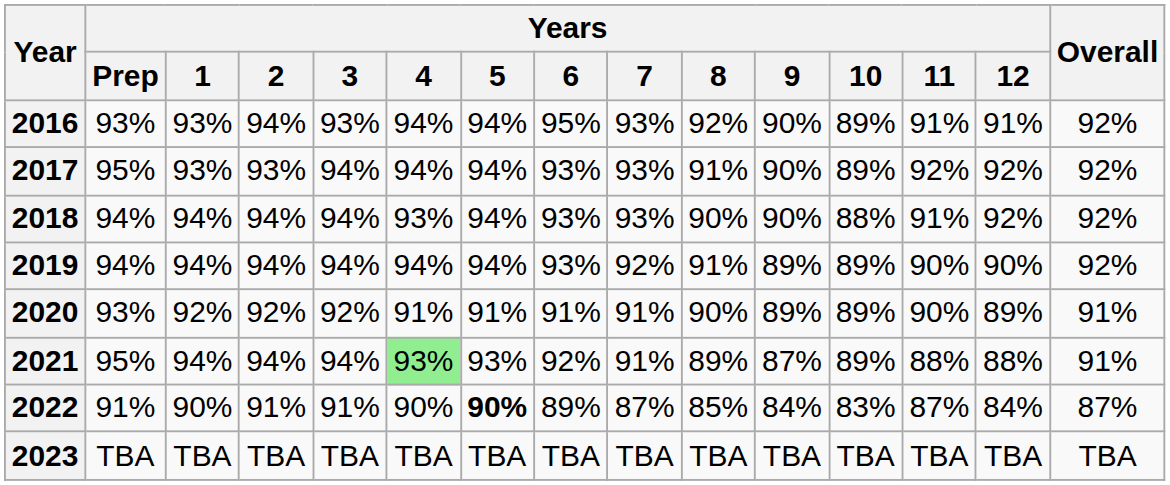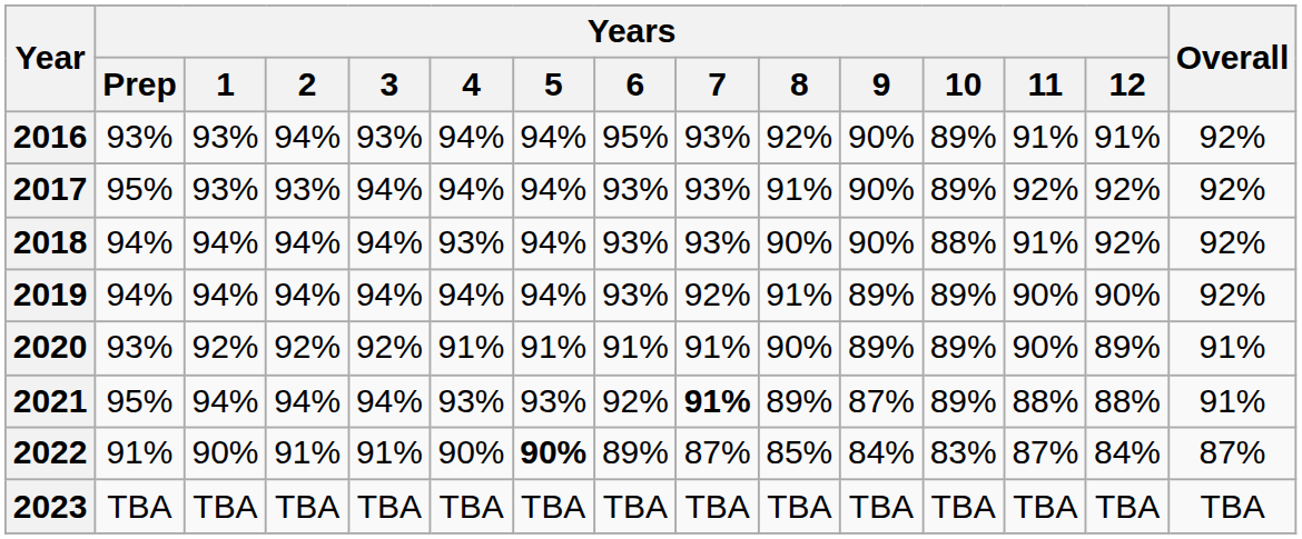 <table class="wikitable sortable">
 <tr>
 <th rowspan=2>Year</th>
 <th colspan=13>Years</th>
 <th rowspan=2>Overall</th>
 </tr>
 <tr>
 <th>Prep</th>
 <th>1</th>
 <th>2</th>
 <th>3</th>
 <th>4</th>
 <th>5</th>
 <th>6</th>
 <th>7</th>
 <th>8</th>
 <th>9</th>
 <th>10</th>
 <th>11</th>
 <th>12</th>
 </tr>
 <tr>
 <th>2016</th>
 <td style="text-align:center">93%</td>
 <td style="text-align:center">93%</td>
 <td style="text-align:center">94%</td>
 <td style="text-align:center">93%</td>
 <td style="text-align:center">94%</td>
 <td style="text-align:center">94%</td>
 <td style="text-align:center">95%</td>
 <td style="text-align:center">93%</td>
 <td style="text-align:center">92%</td>
 <td style="text-align:center">90%</td>
 <td style="text-align:center">89%</td>
 <td style="text-align:center">91%</td>
 <td style="text-align:center">91%</td>
 <td style="text-align:center">92%</td>
 </tr>
 <tr>
 <th>2017</th>
 <td style="text-align:center">95%</td>
 <td style="text-align:center">93%</td>
 <td style="text-align:center">93%</td>
 <td style="text-align:center">94%</td>
 <td style="text-align:center">94%</td>
 <td style="text-align:center">94%</td>
 <td style="text-align:center">93%</td>
 <td style="text-align:center">93%</td>
 <td style="text-align:center">91%</td>
 <td style="text-align:center">90%</td>
 <td style="text-align:center">89%</td>
 <td style="text-align:center">92%</td>
 <td style="text-align:center">92%</td>
 <td style="text-align:center">92%</td>
 </tr>
 <tr>
 <th>2018</th>
 <td style="text-align:center">94%</td>
 <td style="text-align:center">94%</td>
 <td style="text-align:center">94%</td>
 <td style="text-align:center">94%</td>
 <td style="text-align:center">93%</td>
 <td style="text-align:center">94%</td>
 <td style="text-align:center">93%</td>
 <td style="text-align:center">93%</td>
 <td style="text-align:center">90%</td>
 <td style="text-align:center">90%</td>
 <td style="text-align:center">88%</td>
 <td style="text-align:center">91%</td>
 <td style="text-align:center">92%</td>
 <td style="text-align:center">92%</td>
 </tr>
 <tr>
 <th>2019</th>
 <td style="text-align:center">94%</td>
 <td style="text-align:center">94%</td>
 <td style="text-align:center">94%</td>
 <td style="text-align:center">94%</td>
 <td style="text-align:center">94%</td>
 <td style="text-align:center">94%</td>
 <td style="text-align:center">93%</td>
 <td style="text-align:center">92%</td>
 <td style="text-align:center">91%</td>
 <td style="text-align:center">89%</td>
 <td style="text-align:center">89%</td>
 <td style="text-align:center">90%</td>
 <td style="text-align:center">90%</td>
 <td style="text-align:center">92%</td>
 </tr>
 <tr>
 <th>2020</th>
 <td style="text-align:center">93%</td>
 <td style="text-align:center">92%</td>
 <td style="text-align:center">92%</td>
 <td style="text-align:center">92%</td>
 <td style="text-align:center">91%</td>
 <td style="text-align:center">91%</td>
 <td style="text-align:center">91%</td>
 <td style="text-align:center">91%</td>
 <td style="text-align:center">90%</td>
 <td style="text-align:center">89%</td>
 <td style="text-align:center">89%</td>
 <td style="text-align:center">90%</td>
 <td style="text-align:center">89%</td>
 <td style="text-align:center">91%</td>
 </tr>
 <tr>
 <th>2021</th>
 <td style="text-align:center">95%</td>
 <td style="text-align:center">94%</td>
 <td style="text-align:center">94%</td>
 <td style="text-align:center">94%</td>
-<td style="background: lightgreen; text-align:center">93%</td>
+<td style="text-align:center">93%</td>
 <td style="text-align:center">93%</td>
 <td style="text-align:center">92%</td>
-<td style="text-align:center">91%</td>
+<td style="text-align:center"><strong>91%</strong></td>
 <td style="text-align:center">89%</td>
 <td style="text-align:center">87%</td>
 <td style="text-align:center">89%</td>
 <td style="text-align:center">88%</td>
 <td style="text-align:center">88%</td>
 <td style="text-align:center">91%</td>
 </tr>
 <tr>
 <th>2022</th>
 <td style="text-align:center">91%</td>
 <td style="text-align:center">90%</td>
 <td style="text-align:center">91%</td>
 <td style="text-align:center">91%</td>
 <td style="text-align:center">90%</td>
 <td style="text-align:center"><strong>90%</strong></td>
 <td style="text-align:center">89%</td>
 <td style="text-align:center">87%</td>
 <td style="text-align:center">85%</td>
 <td style="text-align:center">84%</td>
 <td style="text-align:center">83%</td>
 <td style="text-align:center">87%</td>
 <td style="text-align:center">84%</td>
 <td style="text-align:center">87%</td>
 </tr>
 <tr>
 <th>2023</th>
 <td style="text-align:center">TBA</td>
 <td style="text-align:center">TBA</td>
 <td style="text-align:center">TBA</td>
 <td style="text-align:center">TBA</td>
 <td style="text-align:center">TBA</td>
 <td style="text-align:center">TBA</td>
 <td style="text-align:center">TBA</td>
 <td style="text-align:center">TBA</td>
 <td style="text-align:center">TBA</td>
 <td style="text-align:center">TBA</td>
 <td style="text-align:center">TBA</td>
 <td style="text-align:center">TBA</td>
 <td style="text-align:center">TBA</td>
 <td style="text-align:center">TBA</td>
 </tr>
 </table>
